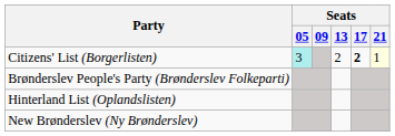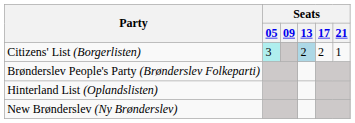 <table class="wikitable">
 <tr>
 <th rowspan=2>Party</th>
 <th colspan=11>Seats</th>
 </tr>
 <tr>
 <th><a href='#'>05</a></th>
 <th><a href='#'>09</a></th>
 <th><a href='#'>13</a></th>
 <th><a href='#'>17</a></th>
 <th><a href='#'>21</a></th>
 </tr>
 <tr>
 <td>Citizens' List <em>(Borgerlisten)</em></td>
 <td style="background: paleturquoise;">3</td>
 <td style="background:#CDC9C9;"></td>
+<td style="background: lightblue;">2</td>
 <td>2</td>
-<td><strong>2</strong></td>
-<td style="background: lightyellow;">1</td>
+<td>1</td>
 </tr>
 <tr>
 <td>Brønderslev People's Party <em>(Brønderslev Folkeparti)</em></td>
 <td style="background:#CDC9C9;" colspan=2></td>
 <td></td>
 <td style="background:#CDC9C9;" colspan=2></td>
 </tr>
 <tr>
 <td>Hinterland List <em>(Oplandslisten)</em></td>
 <td style="background:#CDC9C9;" colspan=2></td>
 <td></td>
 <td style="background:#CDC9C9;" colspan=2></td>
 </tr>
 <tr>
 <td>New Brønderslev <em>(Ny Brønderslev)</em></td>
 <td style="background:#CDC9C9;" colspan=2></td>
 <td></td>
 <td style="background:#CDC9C9;" colspan=2></td>
 </tr>
 </table>
